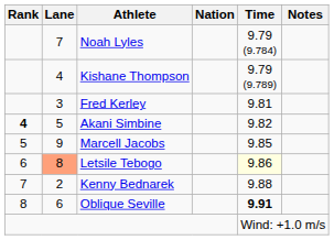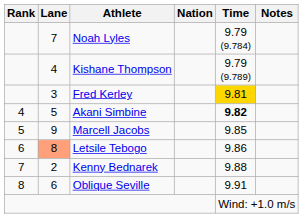 <table class="wikitable sortable" style="text-align:center;">
 <tr>
 <th scope="col">Rank</th>
 <th scope="col">Lane</th>
 <th scope="col">Athlete</th>
 <th scope="col">Nation</th>
 <th scope="col">Time</th>
 <th scope="col">Notes</th>
 </tr>
 <tr>
 <td></td>
 <td>7</td>
 <td align=left><a href='#'>Noah Lyles</a></td>
 <td align=left></td>
 <td>9.79<br><small>(9.784)</small></td>
 <td></td>
 </tr>
 <tr>
 <td></td>
 <td>4</td>
 <td align=left><a href='#'>Kishane Thompson</a></td>
 <td align=left></td>
 <td>9.79<br><small>(9.789)</small></td>
 <td></td>
 </tr>
 <tr>
 <td></td>
 <td>3</td>
 <td align=left><a href='#'>Fred Kerley</a></td>
 <td align=left></td>
-<td>9.81</td>
+<td style="background: gold;">9.81</td>
 <td></td>
 </tr>
 <tr>
-<td><strong>4</strong></td>
+<td>4</td>
 <td>5</td>
 <td align=left><a href='#'>Akani Simbine</a></td>
 <td align=left></td>
-<td>9.82</td>
+<td><strong>9.82</strong></td>
 <td></td>
 </tr>
 <tr>
 <td>5</td>
 <td>9</td>
 <td align=left><a href='#'>Marcell Jacobs</a></td>
 <td align=left></td>
 <td>9.85</td>
 <td></td>
 </tr>
 <tr>
 <td>6</td>
 <td style="background: lightsalmon;">8</td>
 <td align=left><a href='#'>Letsile Tebogo</a></td>
 <td align=left></td>
-<td style="background: lightyellow;">9.86</td>
+<td>9.86</td>
 <td></td>
 </tr>
 <tr>
 <td>7</td>
 <td>2</td>
 <td align=left><a href='#'>Kenny Bednarek</a></td>
 <td align=left></td>
 <td>9.88</td>
 <td></td>
 </tr>
 <tr>
 <td>8</td>
 <td>6</td>
 <td align=left><a href='#'>Oblique Seville</a></td>
 <td align=left></td>
-<td><strong>9.91</strong></td>
+<td>9.91</td>
 <td></td>
 </tr>
 <tr class="sortbottom">
 <td colspan=4></td>
 <td colspan="2" style="text-align:left;">Wind: +1.0 m/s</td>
 </tr>
 </table>
